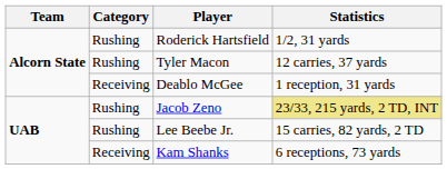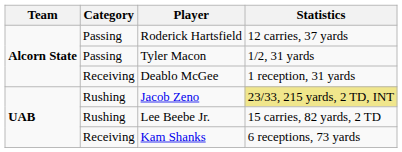 <table class="wikitable" style="float: right;">
 <tr>
 <th>Team</th>
 <th>Category</th>
 <th>Player</th>
 <th>Statistics</th>
 </tr>
 <tr>
 <td rowspan=3><strong>Alcorn State</strong></td>
-<td>Rushing</td>
+<td>Passing</td>
 <td>Roderick Hartsfield</td>
-<td>1/2, 31 yards</td>
+<td>12 carries, 37 yards</td>
 </tr>
 <tr>
-<td>Rushing</td>
+<td>Passing</td>
 <td>Tyler Macon</td>
-<td>12 carries, 37 yards</td>
+<td>1/2, 31 yards</td>
 </tr>
 <tr>
 <td>Receiving</td>
 <td>Deablo McGee</td>
 <td>1 reception, 31 yards</td>
 </tr>
 <tr>
 <td rowspan=3><strong>UAB</strong></td>
 <td>Rushing</td>
 <td><a href='#'>Jacob Zeno</a></td>
 <td style="background: khaki;">23/33, 215 yards, 2 TD, INT</td>
 </tr>
 <tr>
 <td>Rushing</td>
 <td>Lee Beebe Jr.</td>
 <td>15 carries, 82 yards, 2 TD</td>
 </tr>
 <tr>
 <td>Receiving</td>
 <td><a href='#'>Kam Shanks</a></td>
 <td>6 receptions, 73 yards</td>
 </tr>
 </table>
